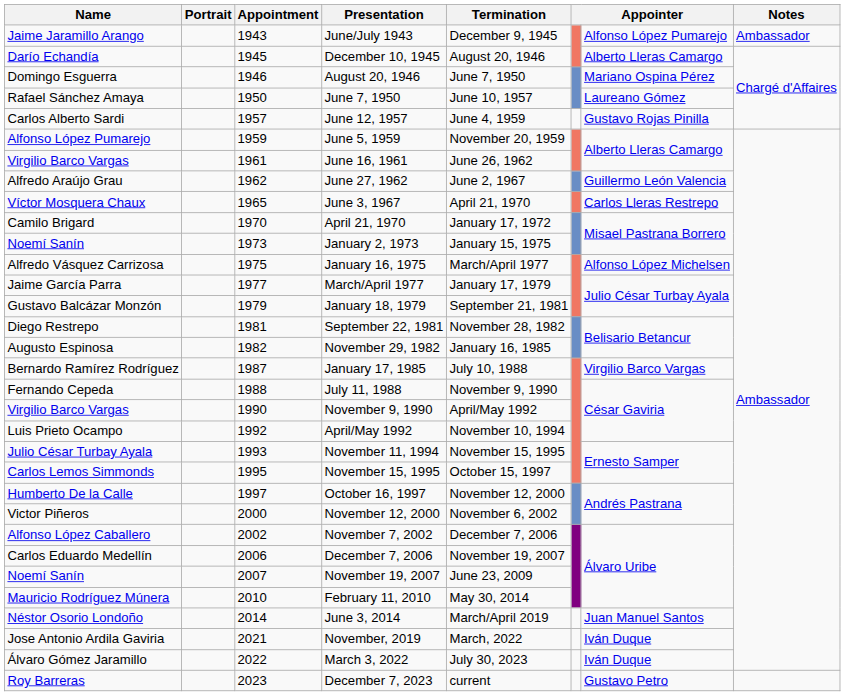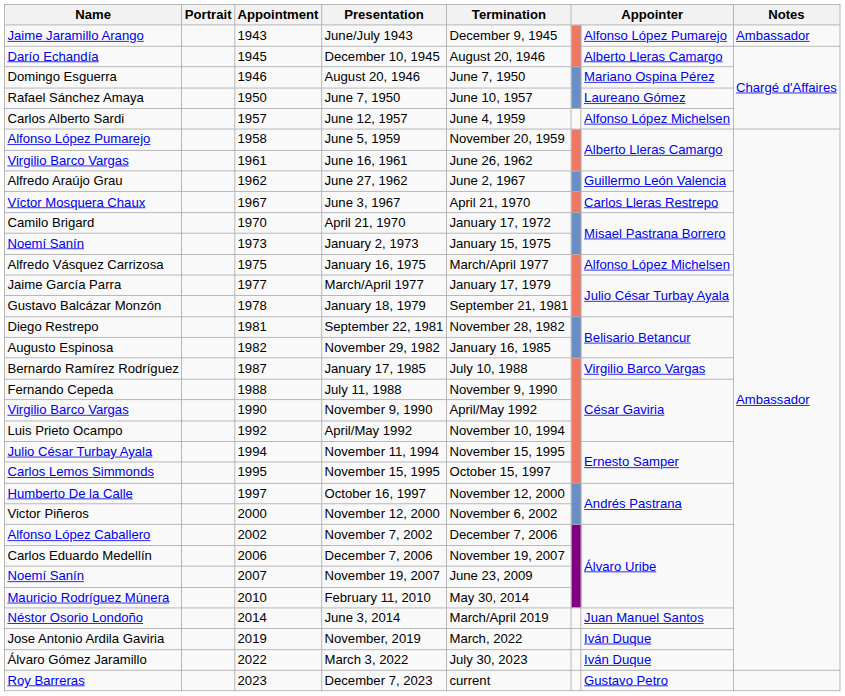 <table class="wikitable sortable"  text-align:center;">
 <tr>
 <th>Name</th>
 <th class="unsortable">Portrait</th>
 <th>Appointment</th>
 <th>Presentation</th>
 <th>Termination</th>
 <th colspan="2">Appointer</th>
 <th class="unsortable">Notes</th>
 </tr>
 <tr>
 <td><a href='#'>Jaime Jaramillo Arango</a></td>
 <td></td>
 <td>1943</td>
 <td>June/July 1943</td>
 <td>December 9, 1945</td>
 <td style="background:#f07763;" rowspan="2"> </td>
 <td><a href='#'>Alfonso López Pumarejo</a></td>
 <td><a href='#'>Ambassador</a></td>
 </tr>
 <tr>
 <td><a href='#'>Darío Echandía</a></td>
 <td></td>
 <td>1945</td>
 <td>December 10, 1945</td>
 <td>August 20, 1946</td>
 <td><a href='#'>Alberto Lleras Camargo</a></td>
 <td rowspan="4"><a href='#'>Chargé d'Affaires</a></td>
 </tr>
 <tr>
 <td>Domingo Esguerra</td>
 <td></td>
 <td>1946</td>
 <td>August 20, 1946</td>
 <td>June 7, 1950</td>
 <td style="background:#698dc5;" rowspan="2"> </td>
 <td><a href='#'>Mariano Ospina Pérez</a></td>
 </tr>
 <tr>
 <td>Rafael Sánchez Amaya</td>
 <td></td>
 <td>1950</td>
 <td>June 7, 1950</td>
 <td>June 10, 1957</td>
 <td><a href='#'>Laureano Gómez</a></td>
 </tr>
 <tr>
 <td>Carlos Alberto Sardi</td>
 <td></td>
 <td>1957</td>
 <td>June 12, 1957</td>
 <td>June 4, 1959</td>
 <td></td>
-<td><a href='#'>Gustavo Rojas Pinilla</a></td>
+<td><a href='#'>Alfonso López Michelsen</a></td>
 </tr>
 <tr>
 <td><a href='#'>Alfonso López Pumarejo</a></td>
 <td></td>
-<td>1959</td>
+<td>1958</td>
 <td>June 5, 1959</td>
 <td>November 20, 1959</td>
 <td style="background:#f07763;" rowspan="2"> </td>
 <td rowspan="2"><a href='#'>Alberto Lleras Camargo</a></td>
 <td rowspan="26"><a href='#'>Ambassador</a></td>
 </tr>
 <tr>
 <td><a href='#'>Virgilio Barco Vargas</a></td>
 <td></td>
 <td>1961</td>
 <td>June 16, 1961</td>
 <td>June 26, 1962</td>
 </tr>
 <tr>
 <td>Alfredo Araújo Grau</td>
 <td></td>
 <td>1962</td>
 <td>June 27, 1962</td>
 <td>June 2, 1967</td>
 <td style="background:#698dc5;"> </td>
 <td><a href='#'>Guillermo León Valencia</a></td>
 </tr>
 <tr>
 <td><a href='#'>Víctor Mosquera Chaux</a></td>
 <td></td>
-<td>1965</td>
+<td>1967</td>
 <td>June 3, 1967</td>
 <td>April 21, 1970</td>
 <td style="background:#f07763;"> </td>
 <td><a href='#'>Carlos Lleras Restrepo</a></td>
 </tr>
 <tr>
 <td>Camilo Brigard</td>
 <td></td>
 <td>1970</td>
 <td>April 21, 1970</td>
 <td>January 17, 1972</td>
 <td style="background:#698dc5;" rowspan="2"> </td>
 <td rowspan="2"><a href='#'>Misael Pastrana Borrero</a></td>
 </tr>
 <tr>
 <td><a href='#'>Noemí Sanín</a></td>
 <td></td>
 <td>1973</td>
 <td>January 2, 1973</td>
 <td>January 15, 1975</td>
 </tr>
 <tr>
 <td>Alfredo Vásquez Carrizosa</td>
 <td></td>
 <td>1975</td>
 <td>January 16, 1975</td>
 <td>March/April 1977</td>
 <td style="background:#f07763;" rowspan="3"> </td>
 <td><a href='#'>Alfonso López Michelsen</a></td>
 </tr>
 <tr>
 <td>Jaime García Parra</td>
 <td></td>
 <td>1977</td>
 <td>March/April 1977</td>
 <td>January 17, 1979</td>
 <td rowspan="2"><a href='#'>Julio César Turbay Ayala</a></td>
 </tr>
 <tr>
 <td>Gustavo Balcázar Monzón</td>
 <td></td>
-<td>1979</td>
+<td>1978</td>
 <td>January 18, 1979</td>
 <td>September 21, 1981</td>
 </tr>
 <tr>
 <td>Diego Restrepo</td>
 <td></td>
 <td>1981</td>
 <td>September 22, 1981</td>
 <td>November 28, 1982</td>
 <td style="background:#698dc5;" rowspan="2"> </td>
 <td rowspan="2"><a href='#'>Belisario Betancur</a></td>
 </tr>
 <tr>
 <td>Augusto Espinosa</td>
 <td></td>
 <td>1982</td>
 <td>November 29, 1982</td>
 <td>January 16, 1985</td>
 </tr>
 <tr>
 <td>Bernardo Ramírez Rodríguez</td>
 <td></td>
 <td>1987</td>
 <td>January 17, 1985</td>
 <td>July 10, 1988</td>
 <td style="background:#f07763;" rowspan="6"> </td>
 <td><a href='#'>Virgilio Barco Vargas</a></td>
 </tr>
 <tr>
 <td>Fernando Cepeda</td>
 <td></td>
 <td>1988</td>
 <td>July 11, 1988</td>
 <td>November 9, 1990</td>
 <td rowspan="3"><a href='#'>César Gaviria</a></td>
 </tr>
 <tr>
 <td><a href='#'>Virgilio Barco Vargas</a></td>
 <td></td>
 <td>1990</td>
 <td>November 9, 1990</td>
 <td>April/May 1992</td>
 </tr>
 <tr>
 <td>Luis Prieto Ocampo</td>
 <td></td>
 <td>1992</td>
 <td>April/May 1992</td>
 <td>November 10, 1994</td>
 </tr>
 <tr>
 <td><a href='#'>Julio César Turbay Ayala</a></td>
 <td></td>
-<td>1993</td>
+<td>1994</td>
 <td>November 11, 1994</td>
 <td>November 15, 1995</td>
 <td rowspan="2"><a href='#'>Ernesto Samper</a></td>
 </tr>
 <tr>
 <td><a href='#'>Carlos Lemos Simmonds</a></td>
 <td></td>
 <td>1995</td>
 <td>November 15, 1995</td>
 <td>October 15, 1997</td>
 </tr>
 <tr>
 <td><a href='#'>Humberto De la Calle</a></td>
 <td></td>
 <td>1997</td>
 <td>October 16, 1997</td>
 <td>November 12, 2000</td>
 <td style="background:#698dc5;" rowspan="2"> </td>
 <td rowspan="2"><a href='#'>Andrés Pastrana</a></td>
 </tr>
 <tr>
 <td>Victor Piñeros</td>
 <td></td>
 <td>2000</td>
 <td>November 12, 2000</td>
 <td>November 6, 2002</td>
 </tr>
 <tr>
 <td><a href='#'>Alfonso López Caballero</a></td>
 <td></td>
 <td>2002</td>
 <td>November 7, 2002</td>
 <td>December 7, 2006</td>
 <td style="background:#800080;" rowspan="4"> </td>
 <td rowspan="4"><a href='#'>Álvaro Uribe</a></td>
 </tr>
 <tr>
 <td>Carlos Eduardo Medellín</td>
 <td></td>
 <td>2006</td>
 <td>December 7, 2006</td>
 <td>November 19, 2007</td>
 </tr>
 <tr>
 <td><a href='#'>Noemí Sanín</a></td>
 <td></td>
 <td>2007</td>
 <td>November 19, 2007</td>
 <td>June 23, 2009</td>
 </tr>
 <tr>
 <td><a href='#'>Mauricio Rodríguez Múnera</a></td>
 <td></td>
 <td>2010</td>
 <td>February 11, 2010</td>
 <td>May 30, 2014</td>
 </tr>
 <tr>
 <td><a href='#'>Néstor Osorio Londoño</a></td>
 <td></td>
 <td>2014</td>
 <td>June 3, 2014</td>
 <td>March/April 2019</td>
 <td style="background:"></td>
 <td><a href='#'>Juan Manuel Santos</a></td>
 </tr>
 <tr>
 <td>Jose Antonio Ardila Gaviria</td>
 <td></td>
-<td>2021</td>
+<td>2019</td>
 <td>November, 2019</td>
 <td>March, 2022</td>
 <td style="background:"></td>
 <td><a href='#'>Iván Duque</a></td>
 </tr>
 <tr>
 <td>Álvaro Gómez Jaramillo</td>
 <td></td>
 <td>2022</td>
 <td>March 3, 2022</td>
 <td>July 30, 2023</td>
 <td style="background:"></td>
 <td><a href='#'>Iván Duque</a></td>
 </tr>
 <tr>
 <td><a href='#'>Roy Barreras</a></td>
 <td></td>
 <td>2023</td>
 <td>December 7, 2023</td>
 <td>current</td>
 <td style="background:"></td>
 <td><a href='#'>Gustavo Petro</a></td>
 </tr>
 </table>
